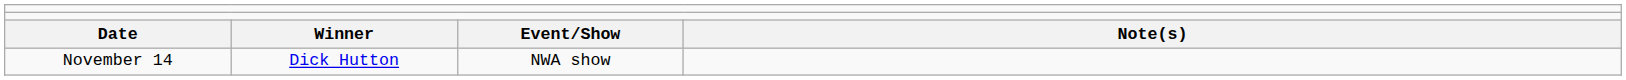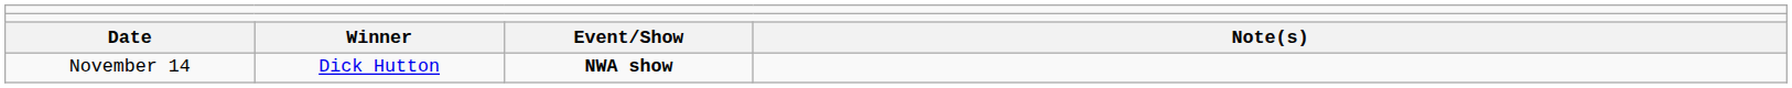 <table class="wikitable" style="text-align:center; width:100%;">
 <tr>
 <td colspan="5"></td>
 </tr>
 <tr>
 <td colspan="5"><strong></strong></td>
 </tr>
 <tr>
 <th width=14%>Date</th>
 <th width=14%>Winner</th>
 <th width=14%>Event/Show</th>
 <th width=58%>Note(s)</th>
 </tr>
 <tr>
 <td>November 14</td>
 <td><a href='#'>Dick Hutton</a></td>
-<td>NWA show</td>
+<td><strong>NWA show</strong></td>
 <td align=left></td>
 </tr>
 </table>
